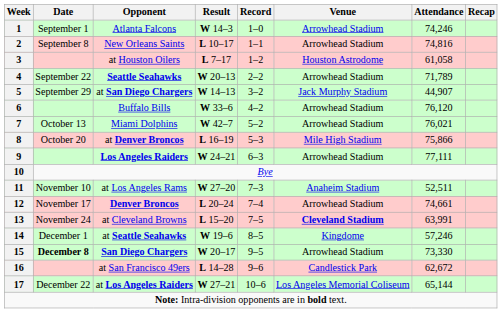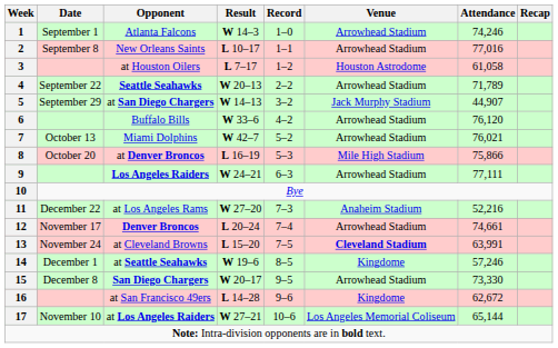 <table class="wikitable" style="text-align:center">
 <tr>
 <th>Week</th>
 <th>Date</th>
 <th>Opponent</th>
 <th>Result</th>
 <th>Record</th>
 <th>Venue</th>
 <th>Attendance</th>
 <th>Recap</th>
 </tr>
 <tr style="background:#cfc">
 <th>1</th>
 <td>September 1</td>
 <td><a href='#'>Atlanta Falcons</a></td>
 <td><strong>W</strong> 14–3</td>
 <td>1–0</td>
 <td><a href='#'>Arrowhead Stadium</a></td>
 <td>74,246</td>
 <td></td>
 </tr>
 <tr style="background:#fcc">
 <th>2</th>
 <td>September 8</td>
 <td><a href='#'>New Orleans Saints</a></td>
 <td><strong>L</strong> 10–17</td>
 <td>1–1</td>
 <td>Arrowhead Stadium</td>
-<td>74,816</td>
+<td>77,016</td>
 <td></td>
 </tr>
 <tr style="background:#fcc">
 <th>3</th>
 <td></td>
 <td>at <a href='#'>Houston Oilers</a></td>
 <td><strong>L</strong> 7–17</td>
 <td>1–2</td>
 <td><a href='#'>Houston Astrodome</a></td>
 <td>61,058</td>
 <td></td>
 </tr>
 <tr style="background:#cfc">
 <th>4</th>
 <td>September 22</td>
 <td><strong><a href='#'>Seattle Seahawks</a></strong></td>
 <td><strong>W</strong> 20–13</td>
 <td>2–2</td>
 <td>Arrowhead Stadium</td>
 <td>71,789</td>
 <td></td>
 </tr>
 <tr style="background:#cfc">
 <th>5</th>
 <td>September 29</td>
 <td>at <strong><a href='#'>San Diego Chargers</a></strong></td>
 <td><strong>W</strong> 14–13</td>
 <td>3–2</td>
 <td><a href='#'>Jack Murphy Stadium</a></td>
 <td>44,907</td>
 <td></td>
 </tr>
 <tr style="background:#cfc">
 <th>6</th>
 <td></td>
 <td><a href='#'>Buffalo Bills</a></td>
 <td><strong>W</strong> 33–6</td>
 <td>4–2</td>
 <td>Arrowhead Stadium</td>
 <td>76,120</td>
 <td></td>
 </tr>
 <tr style="background:#cfc">
 <th>7</th>
 <td>October 13</td>
 <td><a href='#'>Miami Dolphins</a></td>
 <td><strong>W</strong> 42–7</td>
 <td>5–2</td>
 <td>Arrowhead Stadium</td>
 <td>76,021</td>
 <td></td>
 </tr>
 <tr style="background:#fcc">
 <th>8</th>
 <td>October 20</td>
 <td>at <strong><a href='#'>Denver Broncos</a></strong></td>
 <td><strong>L</strong> 16–19</td>
 <td>5–3</td>
 <td><a href='#'>Mile High Stadium</a></td>
 <td>75,866</td>
 <td></td>
 </tr>
 <tr style="background:#cfc">
 <th>9</th>
 <td></td>
 <td><strong><a href='#'>Los Angeles Raiders</a></strong></td>
 <td><strong>W</strong> 24–21</td>
 <td>6–3</td>
 <td>Arrowhead Stadium</td>
 <td>77,111</td>
 <td></td>
 </tr>
 <tr>
 <th>10</th>
 <td colspan="7"><em><a href='#'>Bye</a></em></td>
 </tr>
 <tr style="background:#cfc">
 <th>11</th>
-<td>November 10</td>
+<td>December 22</td>
 <td>at <a href='#'>Los Angeles Rams</a></td>
 <td><strong>W</strong> 27–20</td>
 <td>7–3</td>
 <td><a href='#'>Anaheim Stadium</a></td>
-<td>52,511</td>
+<td>52,216</td>
 <td></td>
 </tr>
 <tr style="background:#fcc">
 <th>12</th>
 <td>November 17</td>
 <td><strong><a href='#'>Denver Broncos</a></strong></td>
 <td><strong>L</strong> 20–24</td>
 <td>7–4</td>
 <td>Arrowhead Stadium</td>
 <td>74,661</td>
 <td></td>
 </tr>
 <tr style="background:#fcc">
 <th>13</th>
 <td>November 24</td>
 <td>at <a href='#'>Cleveland Browns</a></td>
 <td><strong>L</strong> 15–20</td>
 <td>7–5</td>
 <td><strong><a href='#'>Cleveland Stadium</a></strong></td>
 <td>63,991</td>
 <td></td>
 </tr>
 <tr style="background:#cfc">
 <th>14</th>
 <td>December 1</td>
 <td>at <strong><a href='#'>Seattle Seahawks</a></strong></td>
 <td><strong>W</strong> 19–6</td>
 <td>8–5</td>
 <td><a href='#'>Kingdome</a></td>
 <td>57,246</td>
 <td></td>
 </tr>
 <tr style="background:#cfc">
 <th>15</th>
-<td><strong>December 8</strong></td>
+<td>December 8</td>
 <td><strong><a href='#'>San Diego Chargers</a></strong></td>
 <td><strong>W</strong> 20–17 </td>
 <td>9–5</td>
 <td>Arrowhead Stadium</td>
 <td>73,330</td>
 <td></td>
 </tr>
 <tr style="background:#fcc">
 <th>16</th>
 <td></td>
 <td>at <a href='#'>San Francisco 49ers</a></td>
 <td><strong>L</strong> 14–28</td>
 <td>9–6</td>
-<td><a href='#'>Candlestick Park</a></td>
+<td><a href='#'>Kingdome</a></td>
 <td>62,672</td>
 <td></td>
 </tr>
 <tr style="background:#cfc">
 <th>17</th>
-<td>December 22</td>
+<td>November 10</td>
 <td>at <strong><a href='#'>Los Angeles Raiders</a></strong></td>
 <td><strong>W</strong> 27–21</td>
 <td>10–6</td>
 <td><a href='#'>Los Angeles Memorial Coliseum</a></td>
 <td>65,144</td>
 <td></td>
 </tr>
 <tr>
 <td colspan="8"><strong>Note:</strong> Intra-division opponents are in <strong>bold</strong> text.</td>
 </tr>
 </table>
